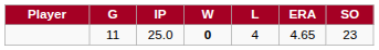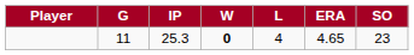 <table class="wikitable sortable">
 <tr>
 <th style="background:#A50024;color:white;" width="16%">Player</th>
 <th style="background:#A50024;color:white;" width="9%">G</th>
 <th style="background:#A50024;color:white;" width="9%">IP</th>
 <th style="background:#A50024;color:white;" width="9%">W</th>
 <th style="background:#A50024;color:white;" width="9%">L</th>
 <th style="background:#A50024;color:white;" width="9%">ERA</th>
 <th style="background:#A50024;color:white;" width="9%">SO</th>
 </tr>
 <tr align="center">
 <td></td>
 <td>11</td>
-<td>25.0</td>
+<td>25.3</td>
 <td><strong>0</strong></td>
 <td>4</td>
 <td>4.65</td>
 <td>23</td>
 </tr>
 </table>
